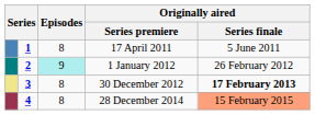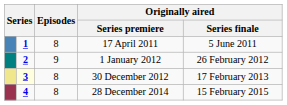 <table class="wikitable"  style="width: 50%; text-align:center;">
 <tr>
 <th colspan="2" rowspan="2" width=5%>Series</th>
 <th rowspan="2" width=5%>Episodes</th>
 <th colspan="2">Originally aired</th>
 </tr>
 <tr>
 <th>Series premiere</th>
 <th>Series finale</th>
 </tr>
 <tr>
 <td style="width:5px; background:#4883B8;"></td>
 <td><strong><a href='#'>1</a></strong></td>
 <td>8</td>
 <td>17 April 2011</td>
 <td>5 June 2011</td>
 </tr>
 <tr>
 <td style="width:5px; background:#008080;"></td>
 <td><strong><a href='#'>2</a></strong></td>
-<td style="background: paleturquoise;">9</td>
+<td>9</td>
 <td>1 January 2012</td>
 <td>26 February 2012</td>
 </tr>
 <tr>
 <td style="width:5px; background:#F0E68C;"></td>
-<td><strong><a href='#'>3</a></strong></td>
+<td style="background: lightyellow;"><strong><a href='#'>3</a></strong></td>
 <td>8</td>
 <td>30 December 2012</td>
-<td><strong>17 February 2013</strong></td>
+<td>17 February 2013</td>
 </tr>
 <tr>
 <td style="width:5px; background:#99324F;"></td>
 <td><strong><a href='#'>4</a></strong></td>
 <td>8</td>
 <td>28 December 2014</td>
-<td style="background: lightsalmon;">15 February 2015</td>
+<td>15 February 2015</td>
 </tr>
 </table>
